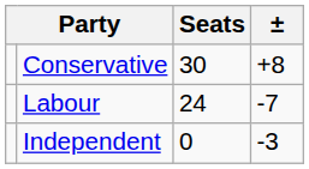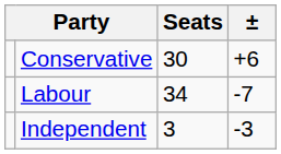 <table class="wikitable">
 <tr>
 <th colspan="2">Party</th>
 <th>Seats</th>
 <th>  ±  </th>
 </tr>
 <tr>
 <td style="background-color: "></td>
 <td><a href='#'>Conservative</a></td>
 <td>30</td>
-<td>+8</td>
+<td>+6</td>
 </tr>
 <tr>
 <td style="background-color: "></td>
 <td><a href='#'>Labour</a></td>
-<td>24</td>
+<td>34</td>
 <td>-7</td>
 </tr>
 <tr>
 <td style="backgrouns-color: "></td>
 <td><a href='#'>Independent</a></td>
-<td>0</td>
+<td>3</td>
 <td>-3</td>
 </tr>
 </table>
